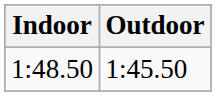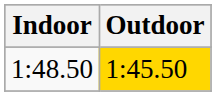 <table class="wikitable" border="1" align="upright">
 <tr>
 <th>Indoor</th>
 <th>Outdoor</th>
 </tr>
 <tr>
 <td>1:48.50</td>
-<td>1:45.50</td>
+<td style="background: gold;">1:45.50</td>
 </tr>
 </table>
